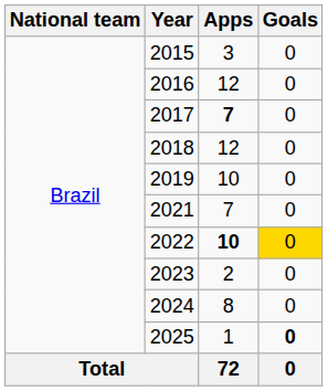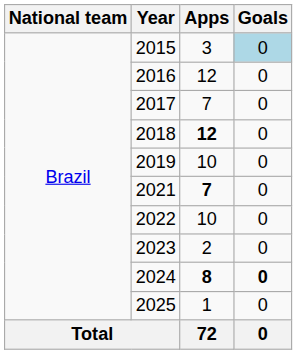 <table class="wikitable" style="text-align: center;">
 <tr>
 <th>National team</th>
 <th>Year</th>
 <th>Apps</th>
 <th>Goals</th>
 </tr>
 <tr>
 <td rowspan="10"><a href='#'>Brazil</a></td>
 <td>2015</td>
 <td>3</td>
-<td>0</td>
+<td style="background: lightblue;">0</td>
 </tr>
 <tr>
 <td>2016</td>
 <td>12</td>
 <td>0</td>
 </tr>
 <tr>
 <td>2017</td>
-<td><strong>7</strong></td>
+<td>7</td>
 <td>0</td>
 </tr>
 <tr>
 <td>2018</td>
-<td>12</td>
+<td><strong>12</strong></td>
 <td>0</td>
 </tr>
 <tr>
 <td>2019</td>
 <td>10</td>
 <td>0</td>
 </tr>
 <tr>
 <td>2021</td>
-<td>7</td>
+<td><strong>7</strong></td>
 <td>0</td>
 </tr>
 <tr>
 <td>2022</td>
-<td><strong>10</strong></td>
-<td style="background: gold;">0</td>
+<td>10</td>
+<td>0</td>
 </tr>
 <tr>
 <td>2023</td>
 <td>2</td>
 <td>0</td>
 </tr>
 <tr>
 <td>2024</td>
-<td>8</td>
-<td>0</td>
+<td><strong>8</strong></td>
+<td><strong>0</strong></td>
 </tr>
 <tr>
 <td>2025</td>
 <td>1</td>
-<td><strong>0</strong></td>
+<td>0</td>
 </tr>
 <tr>
 <th colspan="2">Total</th>
 <th>72</th>
 <th>0</th>
 </tr>
 </table>
